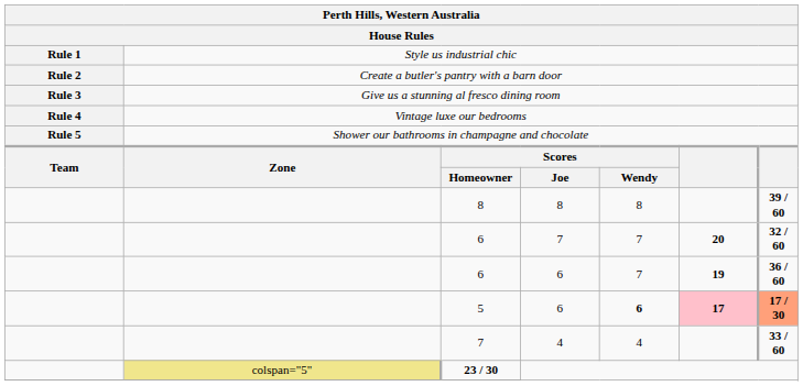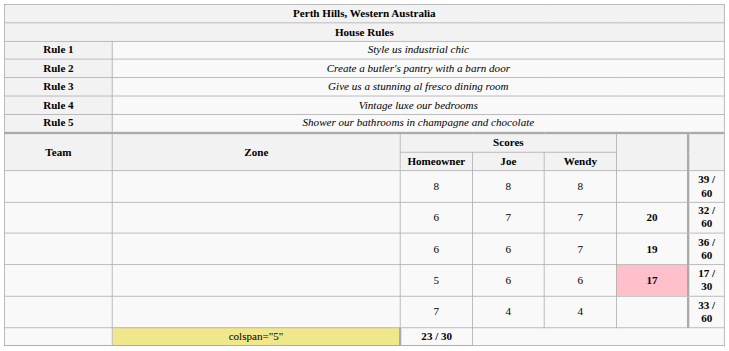 <table class="wikitable plainrowheaders" style="text-align:center; font-size:90%; width:65em;">
 <tr>
 <th colspan="7" >Perth Hills, Western Australia</th>
 </tr>
 <tr>
 <th colspan="7">House Rules</th>
 </tr>
 <tr>
 <th>Rule 1</th>
 <td colspan="6"><em>Style us industrial chic</em></td>
 </tr>
 <tr>
 <th>Rule 2</th>
 <td colspan="6"><em>Create a butler's pantry with a barn door</em></td>
 </tr>
 <tr>
 <th>Rule 3</th>
 <td colspan="6"><em>Give us a stunning al fresco dining room</em></td>
 </tr>
 <tr>
 <th>Rule 4</th>
 <td colspan="6"><em>Vintage luxe our bedrooms</em></td>
 </tr>
 <tr>
 <th>Rule 5</th>
 <td colspan="6"><em>Shower our bathrooms in champagne and chocolate</em></td>
 </tr>
 <tr style="border-top:3px solid #aaa;">
 <th rowspan="2">Team</th>
 <th rowspan="2" style="width:40%;">Zone</th>
 <th colspan="3" style="width:40%;">Scores</th>
 <th rowspan="2" style="width:10%;"></th>
 <th rowspan="2" style="width:10%; border-left:3px solid #aaa;"></th>
 </tr>
 <tr>
 <th style="width:10%;">Homeowner</th>
 <th style="width:10%;">Joe</th>
 <th style="width:10%;">Wendy</th>
 </tr>
 <tr>
 <td style="width:15%;"></td>
 <td></td>
 <td>8</td>
 <td>8</td>
 <td>8</td>
 <td></td>
 <td style="border-left:3px solid #aaa;"><strong>39 / 60</strong></td>
 </tr>
 <tr>
 <td style="width:15%;"></td>
 <td></td>
 <td>6</td>
 <td>7</td>
 <td>7</td>
 <td><strong>20</strong></td>
 <td style="border-left:3px solid #aaa;"><strong>32 / 60</strong></td>
 </tr>
 <tr>
 <td style="width:15%;"></td>
 <td></td>
 <td>6</td>
 <td>6</td>
 <td>7</td>
 <td><strong>19</strong></td>
 <td style="border-left:3px solid #aaa;"><strong>36 / 60</strong></td>
 </tr>
 <tr>
 <td style="width:15%;"></td>
 <td></td>
 <td>5</td>
 <td>6</td>
-<td><strong>6</strong></td>
+<td>6</td>
 <td style="background: pink;"><strong>17</strong></td>
-<td style="background: lightsalmon; border-left:3px solid #aaa;"><strong>17 / 30</strong></td>
+<td style="border-left:3px solid #aaa;"><strong>17 / 30</strong></td>
 </tr>
 <tr>
 <td style="width:15%;"></td>
 <td></td>
 <td>7</td>
 <td>4</td>
 <td>4</td>
 <td></td>
 <td style="border-left:3px solid #aaa;"><strong>33 / 60</strong></td>
 </tr>
 <tr>
 <td style="width:15%;"></td>
 <td style="background: khaki;">colspan="5" </td>
 <td style="border-left:3px solid #aaa;"><strong>23 / 30</strong></td>
 </tr>
 <tr>
 </tr>
 </table>
